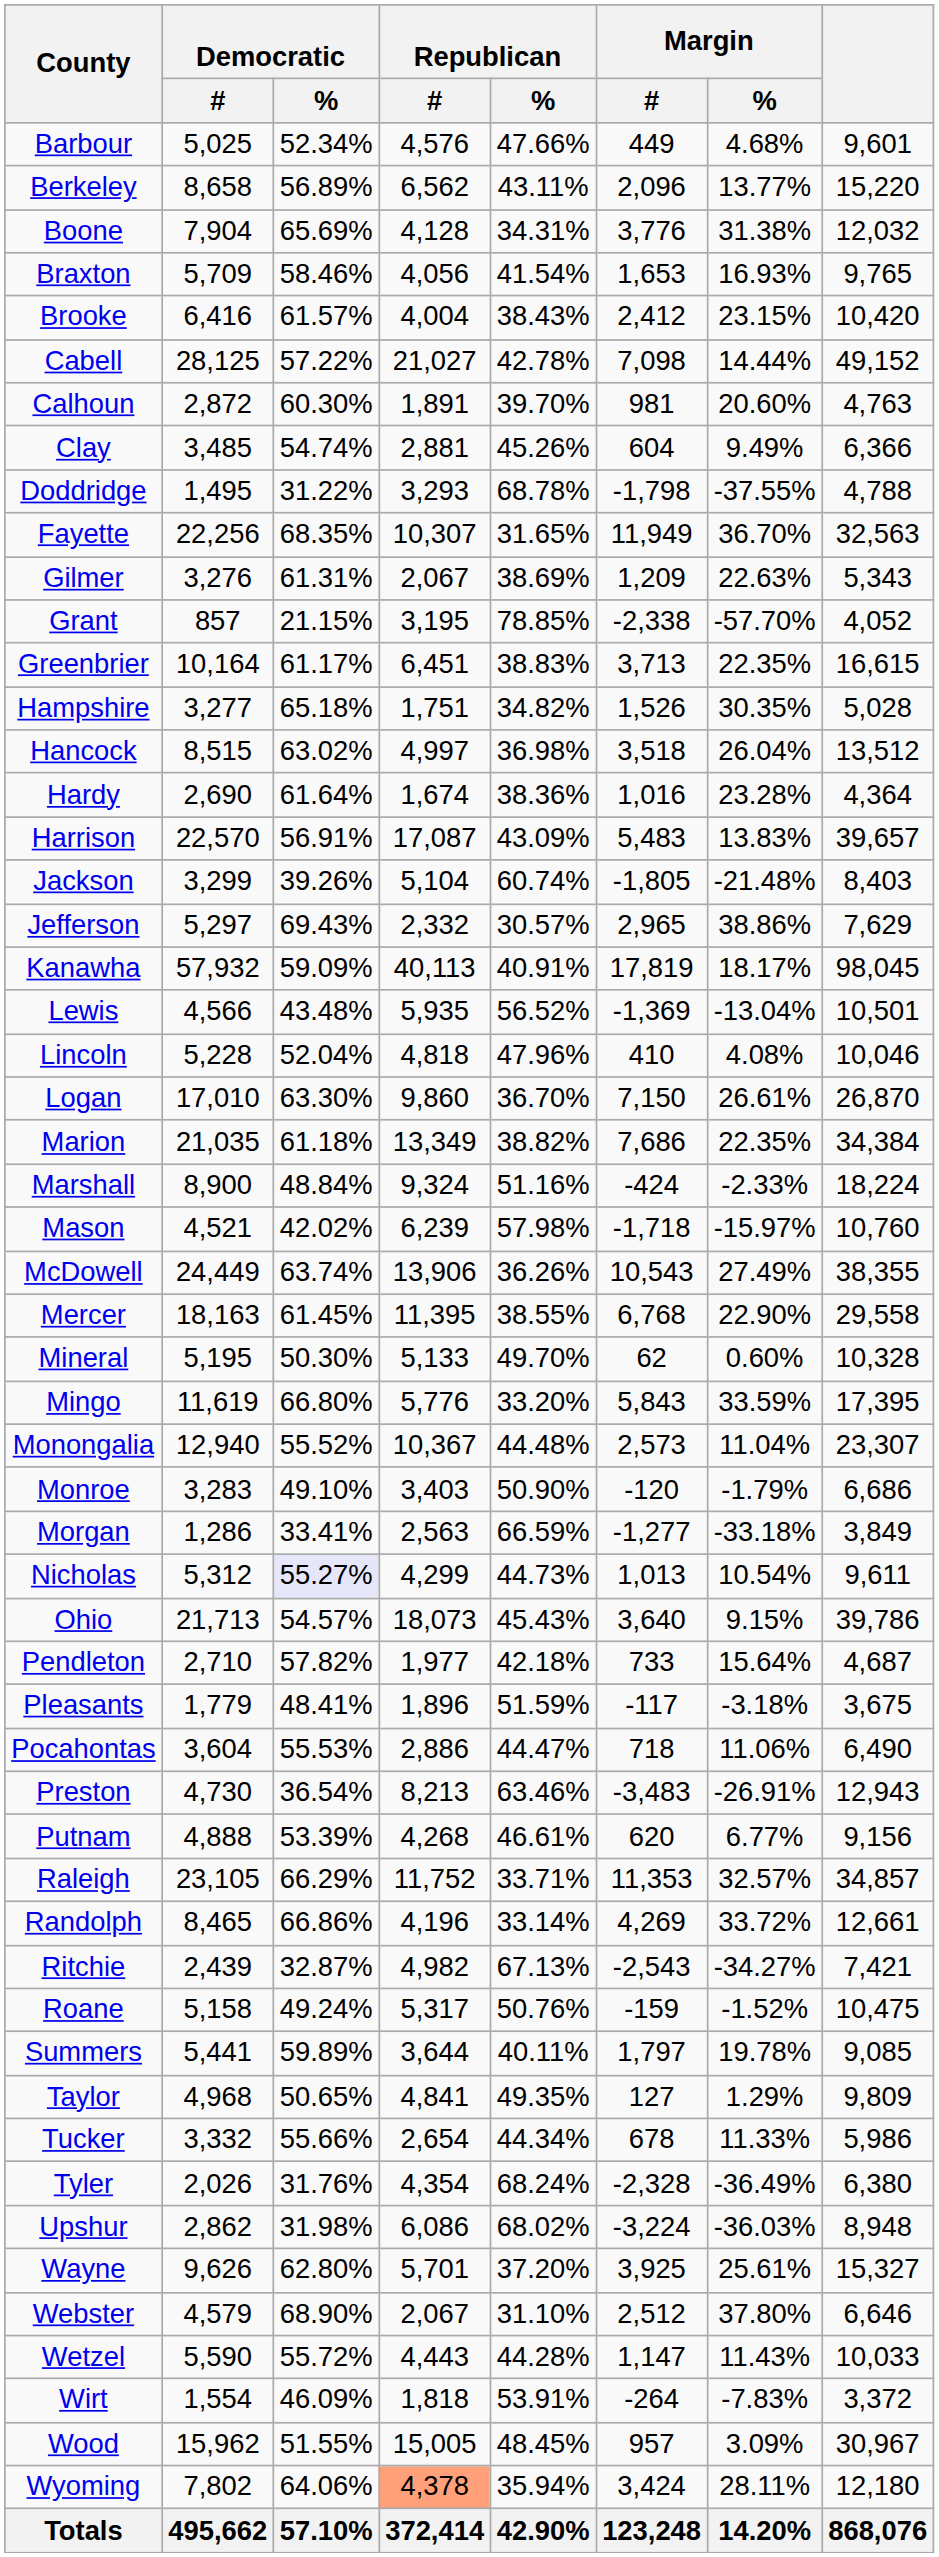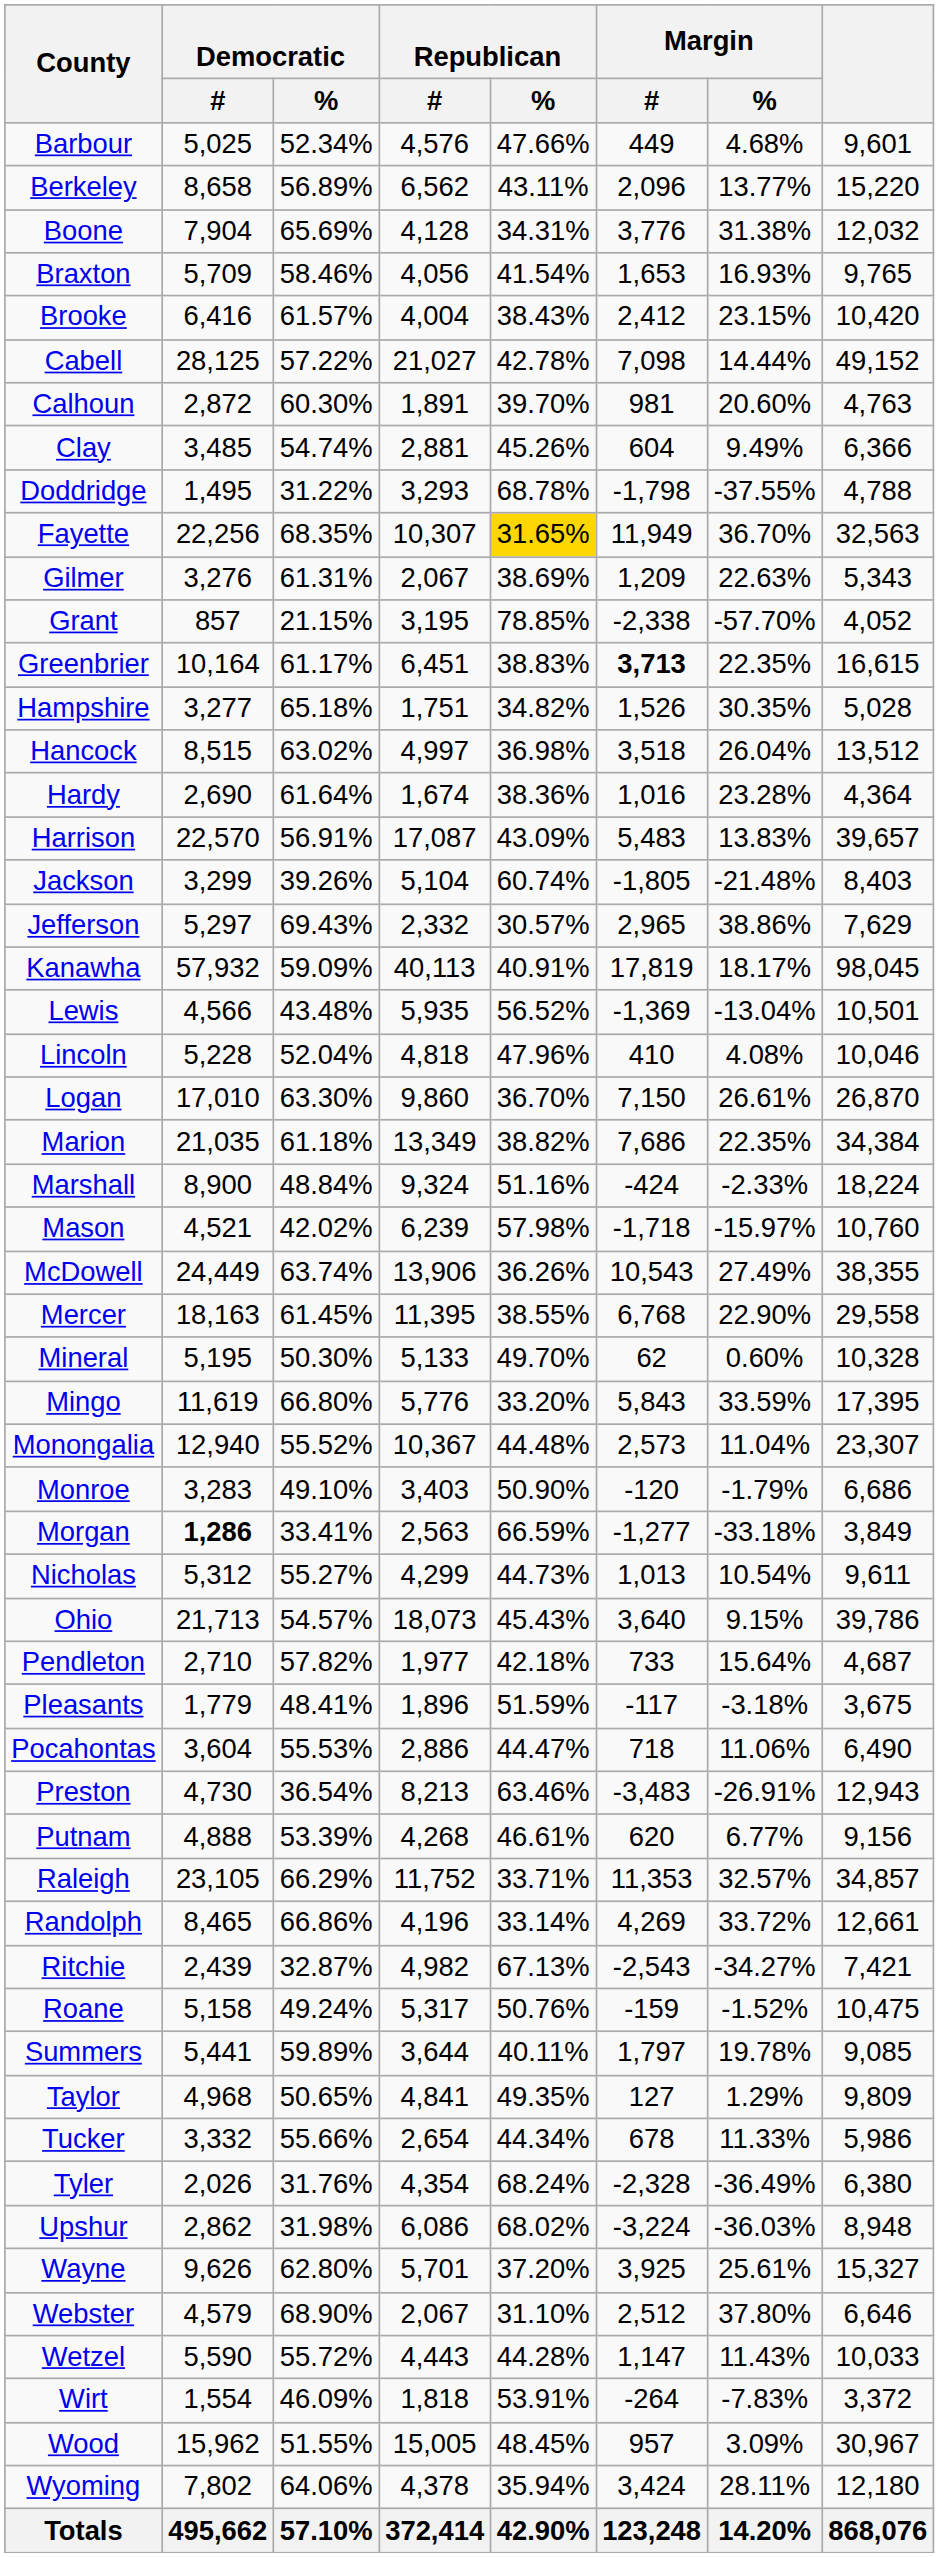 <table class="wikitable sortable mw-collapsible mw-collapsed" style="text-align:center">
 <tr>
 <th rowspan="2">County</th>
 <th colspan="2"><br> Democratic</th>
 <th colspan="2"><br>Republican</th>
 <th colspan="2">Margin</th>
 <th rowspan="2"></th>
 </tr>
 <tr>
 <th data-sort-type="number">#</th>
 <th data-sort-type="number">%</th>
 <th data-sort-type="number">#</th>
 <th data-sort-type="number">%</th>
 <th data-sort-type="number">#</th>
 <th data-sort-type="number">%</th>
 </tr>
 <tr style="text-align:center;">
 <td><a href='#'>Barbour</a></td>
 <td>5,025</td>
 <td>52.34%</td>
 <td>4,576</td>
 <td>47.66%</td>
 <td>449</td>
 <td>4.68%</td>
 <td>9,601</td>
 </tr>
 <tr style="text-align:center;">
 <td><a href='#'>Berkeley</a></td>
 <td>8,658</td>
 <td>56.89%</td>
 <td>6,562</td>
 <td>43.11%</td>
 <td>2,096</td>
 <td>13.77%</td>
 <td>15,220</td>
 </tr>
 <tr style="text-align:center;">
 <td><a href='#'>Boone</a></td>
 <td>7,904</td>
 <td>65.69%</td>
 <td>4,128</td>
 <td>34.31%</td>
 <td>3,776</td>
 <td>31.38%</td>
 <td>12,032</td>
 </tr>
 <tr style="text-align:center;">
 <td><a href='#'>Braxton</a></td>
 <td>5,709</td>
 <td>58.46%</td>
 <td>4,056</td>
 <td>41.54%</td>
 <td>1,653</td>
 <td>16.93%</td>
 <td>9,765</td>
 </tr>
 <tr style="text-align:center;">
 <td><a href='#'>Brooke</a></td>
 <td>6,416</td>
 <td>61.57%</td>
 <td>4,004</td>
 <td>38.43%</td>
 <td>2,412</td>
 <td>23.15%</td>
 <td>10,420</td>
 </tr>
 <tr style="text-align:center;">
 <td><a href='#'>Cabell</a></td>
 <td>28,125</td>
 <td>57.22%</td>
 <td>21,027</td>
 <td>42.78%</td>
 <td>7,098</td>
 <td>14.44%</td>
 <td>49,152</td>
 </tr>
 <tr style="text-align:center;">
 <td><a href='#'>Calhoun</a></td>
 <td>2,872</td>
 <td>60.30%</td>
 <td>1,891</td>
 <td>39.70%</td>
 <td>981</td>
 <td>20.60%</td>
 <td>4,763</td>
 </tr>
 <tr style="text-align:center;">
 <td><a href='#'>Clay</a></td>
 <td>3,485</td>
 <td>54.74%</td>
 <td>2,881</td>
 <td>45.26%</td>
 <td>604</td>
 <td>9.49%</td>
 <td>6,366</td>
 </tr>
 <tr style="text-align:center;">
 <td><a href='#'>Doddridge</a></td>
 <td>1,495</td>
 <td>31.22%</td>
 <td>3,293</td>
 <td>68.78%</td>
 <td>-1,798</td>
 <td>-37.55%</td>
 <td>4,788</td>
 </tr>
 <tr style="text-align:center;">
 <td><a href='#'>Fayette</a></td>
 <td>22,256</td>
 <td>68.35%</td>
 <td>10,307</td>
-<td>31.65%</td>
+<td style="background: gold;">31.65%</td>
 <td>11,949</td>
 <td>36.70%</td>
 <td>32,563</td>
 </tr>
 <tr style="text-align:center;">
 <td><a href='#'>Gilmer</a></td>
 <td>3,276</td>
 <td>61.31%</td>
 <td>2,067</td>
 <td>38.69%</td>
 <td>1,209</td>
 <td>22.63%</td>
 <td>5,343</td>
 </tr>
 <tr style="text-align:center;">
 <td><a href='#'>Grant</a></td>
 <td>857</td>
 <td>21.15%</td>
 <td>3,195</td>
 <td>78.85%</td>
 <td>-2,338</td>
 <td>-57.70%</td>
 <td>4,052</td>
 </tr>
 <tr style="text-align:center;">
 <td><a href='#'>Greenbrier</a></td>
 <td>10,164</td>
 <td>61.17%</td>
 <td>6,451</td>
 <td>38.83%</td>
-<td>3,713</td>
+<td><strong>3,713</strong></td>
 <td>22.35%</td>
 <td>16,615</td>
 </tr>
 <tr style="text-align:center;">
 <td><a href='#'>Hampshire</a></td>
 <td>3,277</td>
 <td>65.18%</td>
 <td>1,751</td>
 <td>34.82%</td>
 <td>1,526</td>
 <td>30.35%</td>
 <td>5,028</td>
 </tr>
 <tr style="text-align:center;">
 <td><a href='#'>Hancock</a></td>
 <td>8,515</td>
 <td>63.02%</td>
 <td>4,997</td>
 <td>36.98%</td>
 <td>3,518</td>
 <td>26.04%</td>
 <td>13,512</td>
 </tr>
 <tr style="text-align:center;">
 <td><a href='#'>Hardy</a></td>
 <td>2,690</td>
 <td>61.64%</td>
 <td>1,674</td>
 <td>38.36%</td>
 <td>1,016</td>
 <td>23.28%</td>
 <td>4,364</td>
 </tr>
 <tr style="text-align:center;">
 <td><a href='#'>Harrison</a></td>
 <td>22,570</td>
 <td>56.91%</td>
 <td>17,087</td>
 <td>43.09%</td>
 <td>5,483</td>
 <td>13.83%</td>
 <td>39,657</td>
 </tr>
 <tr style="text-align:center;">
 <td><a href='#'>Jackson</a></td>
 <td>3,299</td>
 <td>39.26%</td>
 <td>5,104</td>
 <td>60.74%</td>
 <td>-1,805</td>
 <td>-21.48%</td>
 <td>8,403</td>
 </tr>
 <tr style="text-align:center;">
 <td><a href='#'>Jefferson</a></td>
 <td>5,297</td>
 <td>69.43%</td>
 <td>2,332</td>
 <td>30.57%</td>
 <td>2,965</td>
 <td>38.86%</td>
 <td>7,629</td>
 </tr>
 <tr style="text-align:center;">
 <td><a href='#'>Kanawha</a></td>
 <td>57,932</td>
 <td>59.09%</td>
 <td>40,113</td>
 <td>40.91%</td>
 <td>17,819</td>
 <td>18.17%</td>
 <td>98,045</td>
 </tr>
 <tr style="text-align:center;">
 <td><a href='#'>Lewis</a></td>
 <td>4,566</td>
 <td>43.48%</td>
 <td>5,935</td>
 <td>56.52%</td>
 <td>-1,369</td>
 <td>-13.04%</td>
 <td>10,501</td>
 </tr>
 <tr style="text-align:center;">
 <td><a href='#'>Lincoln</a></td>
 <td>5,228</td>
 <td>52.04%</td>
 <td>4,818</td>
 <td>47.96%</td>
 <td>410</td>
 <td>4.08%</td>
 <td>10,046</td>
 </tr>
 <tr style="text-align:center;">
 <td><a href='#'>Logan</a></td>
 <td>17,010</td>
 <td>63.30%</td>
 <td>9,860</td>
 <td>36.70%</td>
 <td>7,150</td>
 <td>26.61%</td>
 <td>26,870</td>
 </tr>
 <tr style="text-align:center;">
 <td><a href='#'>Marion</a></td>
 <td>21,035</td>
 <td>61.18%</td>
 <td>13,349</td>
 <td>38.82%</td>
 <td>7,686</td>
 <td>22.35%</td>
 <td>34,384</td>
 </tr>
 <tr style="text-align:center;">
 <td><a href='#'>Marshall</a></td>
 <td>8,900</td>
 <td>48.84%</td>
 <td>9,324</td>
 <td>51.16%</td>
 <td>-424</td>
 <td>-2.33%</td>
 <td>18,224</td>
 </tr>
 <tr style="text-align:center;">
 <td><a href='#'>Mason</a></td>
 <td>4,521</td>
 <td>42.02%</td>
 <td>6,239</td>
 <td>57.98%</td>
 <td>-1,718</td>
 <td>-15.97%</td>
 <td>10,760</td>
 </tr>
 <tr style="text-align:center;">
 <td><a href='#'>McDowell</a></td>
 <td>24,449</td>
 <td>63.74%</td>
 <td>13,906</td>
 <td>36.26%</td>
 <td>10,543</td>
 <td>27.49%</td>
 <td>38,355</td>
 </tr>
 <tr style="text-align:center;">
 <td><a href='#'>Mercer</a></td>
 <td>18,163</td>
 <td>61.45%</td>
 <td>11,395</td>
 <td>38.55%</td>
 <td>6,768</td>
 <td>22.90%</td>
 <td>29,558</td>
 </tr>
 <tr style="text-align:center;">
 <td><a href='#'>Mineral</a></td>
 <td>5,195</td>
 <td>50.30%</td>
 <td>5,133</td>
 <td>49.70%</td>
 <td>62</td>
 <td>0.60%</td>
 <td>10,328</td>
 </tr>
 <tr style="text-align:center;">
 <td><a href='#'>Mingo</a></td>
 <td>11,619</td>
 <td>66.80%</td>
 <td>5,776</td>
 <td>33.20%</td>
 <td>5,843</td>
 <td>33.59%</td>
 <td>17,395</td>
 </tr>
 <tr style="text-align:center;">
 <td><a href='#'>Monongalia</a></td>
 <td>12,940</td>
 <td>55.52%</td>
 <td>10,367</td>
 <td>44.48%</td>
 <td>2,573</td>
 <td>11.04%</td>
 <td>23,307</td>
 </tr>
 <tr style="text-align:center;">
 <td><a href='#'>Monroe</a></td>
 <td>3,283</td>
 <td>49.10%</td>
 <td>3,403</td>
 <td>50.90%</td>
 <td>-120</td>
 <td>-1.79%</td>
 <td>6,686</td>
 </tr>
 <tr style="text-align:center;">
 <td><a href='#'>Morgan</a></td>
-<td>1,286</td>
+<td><strong>1,286</strong></td>
 <td>33.41%</td>
 <td>2,563</td>
 <td>66.59%</td>
 <td>-1,277</td>
 <td>-33.18%</td>
 <td>3,849</td>
 </tr>
 <tr style="text-align:center;">
 <td><a href='#'>Nicholas</a></td>
 <td>5,312</td>
-<td style="background: lavender;">55.27%</td>
+<td>55.27%</td>
 <td>4,299</td>
 <td>44.73%</td>
 <td>1,013</td>
 <td>10.54%</td>
 <td>9,611</td>
 </tr>
 <tr style="text-align:center;">
 <td><a href='#'>Ohio</a></td>
 <td>21,713</td>
 <td>54.57%</td>
 <td>18,073</td>
 <td>45.43%</td>
 <td>3,640</td>
 <td>9.15%</td>
 <td>39,786</td>
 </tr>
 <tr style="text-align:center;">
 <td><a href='#'>Pendleton</a></td>
 <td>2,710</td>
 <td>57.82%</td>
 <td>1,977</td>
 <td>42.18%</td>
 <td>733</td>
 <td>15.64%</td>
 <td>4,687</td>
 </tr>
 <tr style="text-align:center;">
 <td><a href='#'>Pleasants</a></td>
 <td>1,779</td>
 <td>48.41%</td>
 <td>1,896</td>
 <td>51.59%</td>
 <td>-117</td>
 <td>-3.18%</td>
 <td>3,675</td>
 </tr>
 <tr style="text-align:center;">
 <td><a href='#'>Pocahontas</a></td>
 <td>3,604</td>
 <td>55.53%</td>
 <td>2,886</td>
 <td>44.47%</td>
 <td>718</td>
 <td>11.06%</td>
 <td>6,490</td>
 </tr>
 <tr style="text-align:center;">
 <td><a href='#'>Preston</a></td>
 <td>4,730</td>
 <td>36.54%</td>
 <td>8,213</td>
 <td>63.46%</td>
 <td>-3,483</td>
 <td>-26.91%</td>
 <td>12,943</td>
 </tr>
 <tr style="text-align:center;">
 <td><a href='#'>Putnam</a></td>
 <td>4,888</td>
 <td>53.39%</td>
 <td>4,268</td>
 <td>46.61%</td>
 <td>620</td>
 <td>6.77%</td>
 <td>9,156</td>
 </tr>
 <tr style="text-align:center;">
 <td><a href='#'>Raleigh</a></td>
 <td>23,105</td>
 <td>66.29%</td>
 <td>11,752</td>
 <td>33.71%</td>
 <td>11,353</td>
 <td>32.57%</td>
 <td>34,857</td>
 </tr>
 <tr style="text-align:center;">
 <td><a href='#'>Randolph</a></td>
 <td>8,465</td>
 <td>66.86%</td>
 <td>4,196</td>
 <td>33.14%</td>
 <td>4,269</td>
 <td>33.72%</td>
 <td>12,661</td>
 </tr>
 <tr style="text-align:center;">
 <td><a href='#'>Ritchie</a></td>
 <td>2,439</td>
 <td>32.87%</td>
 <td>4,982</td>
 <td>67.13%</td>
 <td>-2,543</td>
 <td>-34.27%</td>
 <td>7,421</td>
 </tr>
 <tr style="text-align:center;">
 <td><a href='#'>Roane</a></td>
 <td>5,158</td>
 <td>49.24%</td>
 <td>5,317</td>
 <td>50.76%</td>
 <td>-159</td>
 <td>-1.52%</td>
 <td>10,475</td>
 </tr>
 <tr style="text-align:center;">
 <td><a href='#'>Summers</a></td>
 <td>5,441</td>
 <td>59.89%</td>
 <td>3,644</td>
 <td>40.11%</td>
 <td>1,797</td>
 <td>19.78%</td>
 <td>9,085</td>
 </tr>
 <tr style="text-align:center;">
 <td><a href='#'>Taylor</a></td>
 <td>4,968</td>
 <td>50.65%</td>
 <td>4,841</td>
 <td>49.35%</td>
 <td>127</td>
 <td>1.29%</td>
 <td>9,809</td>
 </tr>
 <tr style="text-align:center;">
 <td><a href='#'>Tucker</a></td>
 <td>3,332</td>
 <td>55.66%</td>
 <td>2,654</td>
 <td>44.34%</td>
 <td>678</td>
 <td>11.33%</td>
 <td>5,986</td>
 </tr>
 <tr style="text-align:center;">
 <td><a href='#'>Tyler</a></td>
 <td>2,026</td>
 <td>31.76%</td>
 <td>4,354</td>
 <td>68.24%</td>
 <td>-2,328</td>
 <td>-36.49%</td>
 <td>6,380</td>
 </tr>
 <tr style="text-align:center;">
 <td><a href='#'>Upshur</a></td>
 <td>2,862</td>
 <td>31.98%</td>
 <td>6,086</td>
 <td>68.02%</td>
 <td>-3,224</td>
 <td>-36.03%</td>
 <td>8,948</td>
 </tr>
 <tr style="text-align:center;">
 <td><a href='#'>Wayne</a></td>
 <td>9,626</td>
 <td>62.80%</td>
 <td>5,701</td>
 <td>37.20%</td>
 <td>3,925</td>
 <td>25.61%</td>
 <td>15,327</td>
 </tr>
 <tr style="text-align:center;">
 <td><a href='#'>Webster</a></td>
 <td>4,579</td>
 <td>68.90%</td>
 <td>2,067</td>
 <td>31.10%</td>
 <td>2,512</td>
 <td>37.80%</td>
 <td>6,646</td>
 </tr>
 <tr style="text-align:center;">
 <td><a href='#'>Wetzel</a></td>
 <td>5,590</td>
 <td>55.72%</td>
 <td>4,443</td>
 <td>44.28%</td>
 <td>1,147</td>
 <td>11.43%</td>
 <td>10,033</td>
 </tr>
 <tr style="text-align:center;">
 <td><a href='#'>Wirt</a></td>
 <td>1,554</td>
 <td>46.09%</td>
 <td>1,818</td>
 <td>53.91%</td>
 <td>-264</td>
 <td>-7.83%</td>
 <td>3,372</td>
 </tr>
 <tr style="text-align:center;">
 <td><a href='#'>Wood</a></td>
 <td>15,962</td>
 <td>51.55%</td>
 <td>15,005</td>
 <td>48.45%</td>
 <td>957</td>
 <td>3.09%</td>
 <td>30,967</td>
 </tr>
 <tr style="text-align:center;">
 <td><a href='#'>Wyoming</a></td>
 <td>7,802</td>
 <td>64.06%</td>
-<td style="background: lightsalmon;">4,378</td>
+<td>4,378</td>
 <td>35.94%</td>
 <td>3,424</td>
 <td>28.11%</td>
 <td>12,180</td>
 </tr>
 <tr>
 <th>Totals</th>
 <th>495,662</th>
 <th>57.10%</th>
 <th>372,414</th>
 <th>42.90%</th>
 <th>123,248</th>
 <th>14.20%</th>
 <th>868,076</th>
 </tr>
 </table>
